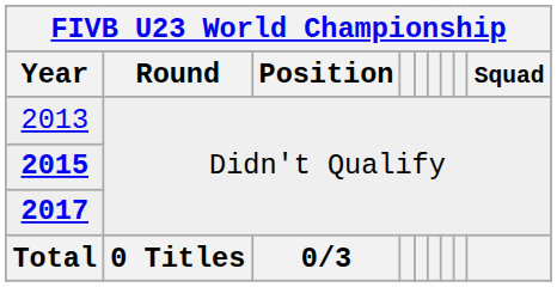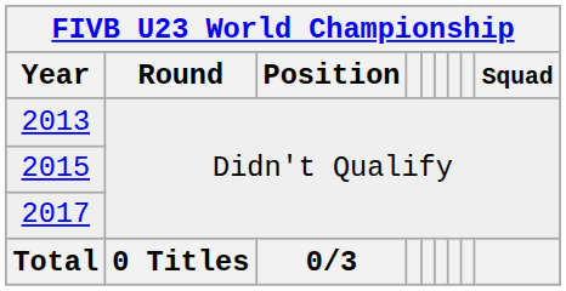 <table class="wikitable" style="text-align: center;">
 <tr>
 <th colspan=9><a href='#'>FIVB U23 World Championship</a></th>
 </tr>
 <tr>
 <th>Year</th>
 <th>Round</th>
 <th>Position</th>
 <th></th>
 <th></th>
 <th></th>
 <th></th>
 <th></th>
 <th><small>Squad</small></th>
 </tr>
 <tr bgcolor="efefef">
 <td> <a href='#'>2013</a></td>
 <td colspan=9 rowspan=3>Didn't Qualify</td>
 </tr>
 <tr bgcolor="efefef">
-<td><strong> <a href='#'>2015</a></strong></td>
+<td> <a href='#'>2015</a></td>
 </tr>
 <tr bgcolor="efefef">
-<td><strong> <a href='#'>2017</a></strong></td>
+<td> <a href='#'>2017</a></td>
 </tr>
 <tr>
 <th>Total</th>
 <th>0 Titles</th>
 <th>0/3</th>
 <th></th>
 <th></th>
 <th></th>
 <th></th>
 <th></th>
 <th></th>
 </tr>
 </table>
